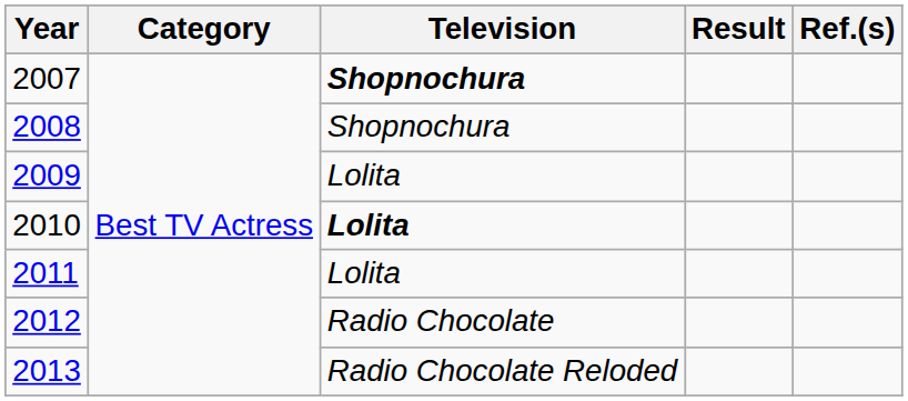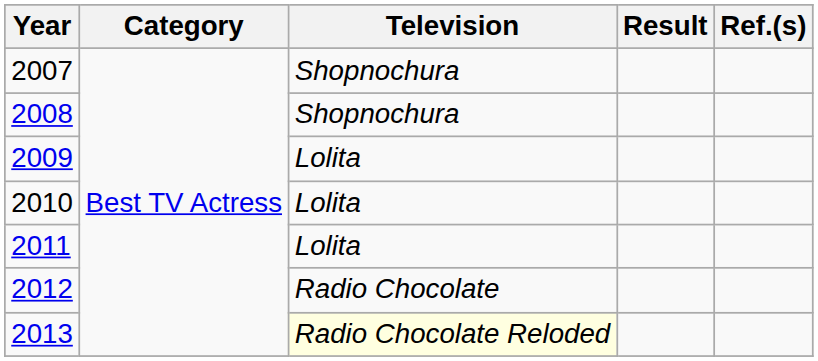 <table class="wikitable sortable">
 <tr style="text-align:center;">
 <th>Year</th>
 <th>Category</th>
 <th>Television</th>
 <th>Result</th>
 <th>Ref.(s)</th>
 </tr>
 <tr>
 <td>2007</td>
 <td rowspan="7"><a href='#'>Best TV Actress</a></td>
-<td><strong><em>Shopnochura</em></strong></td>
+<td><em>Shopnochura</em></td>
 <td></td>
 <td></td>
 </tr>
 <tr>
 <td><a href='#'>2008</a></td>
 <td><em>Shopnochura</em></td>
 <td></td>
 <td></td>
 </tr>
 <tr>
 <td><a href='#'>2009</a></td>
 <td><em>Lolita</em></td>
 <td></td>
 <td></td>
 </tr>
 <tr>
 <td>2010</td>
-<td><strong><em>Lolita</em></strong></td>
+<td><em>Lolita</em></td>
 <td></td>
 <td></td>
 </tr>
 <tr>
 <td><a href='#'>2011</a></td>
 <td><em>Lolita</em></td>
 <td></td>
 <td></td>
 </tr>
 <tr>
 <td><a href='#'>2012</a></td>
 <td><em>Radio Chocolate</em></td>
 <td></td>
 <td></td>
 </tr>
 <tr>
 <td><a href='#'>2013</a></td>
-<td><em>Radio Chocolate Reloded</em></td>
+<td style="background: lightyellow;"><em>Radio Chocolate Reloded</em></td>
 <td></td>
 <td></td>
 </tr>
 </table>
